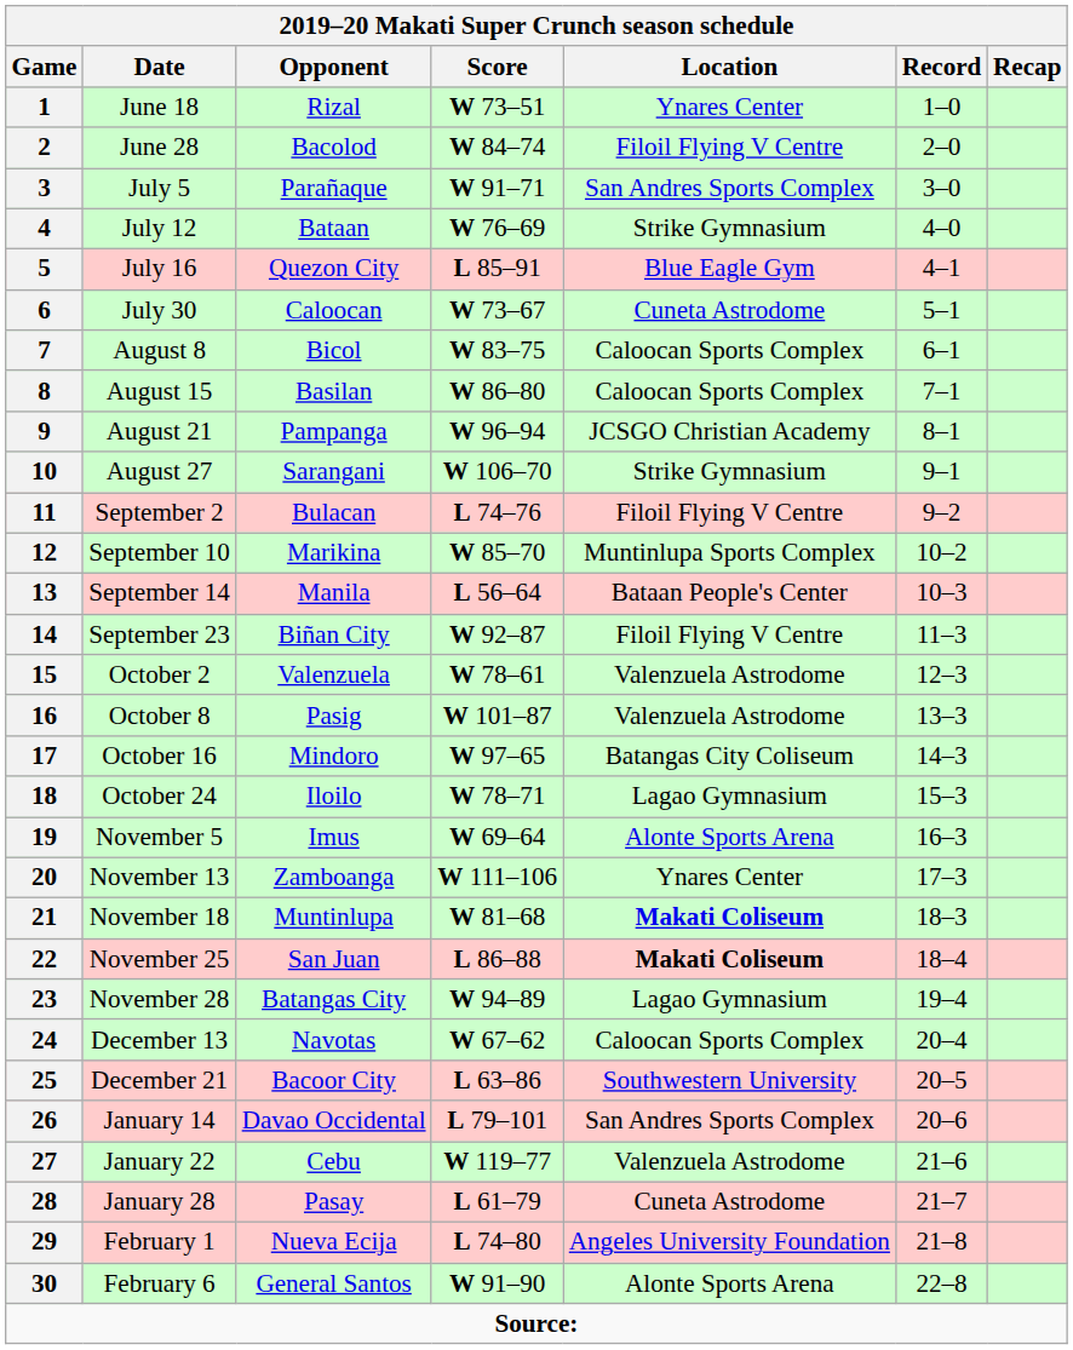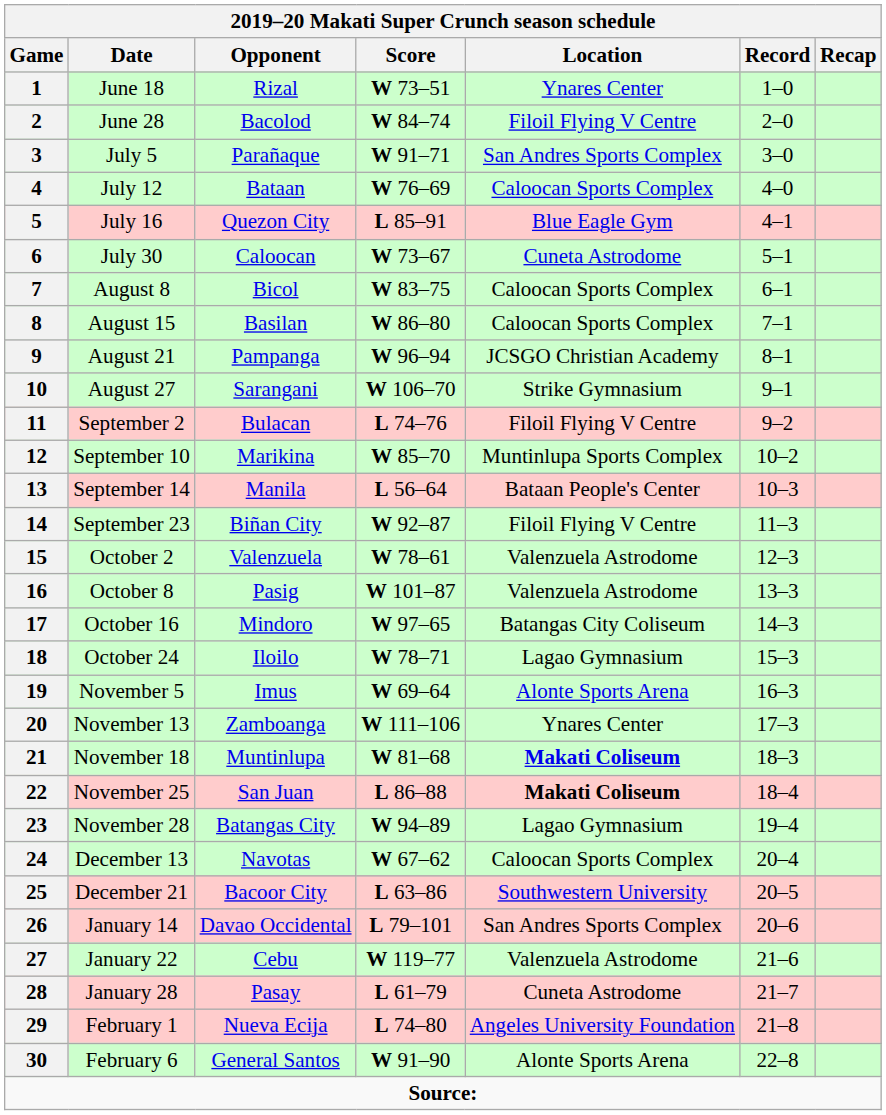 <table class="wikitable" style="text-align:center">
 <tr>
 <th colspan=7>2019–20 Makati Super Crunch season schedule</th>
 </tr>
 <tr>
 <th>Game</th>
 <th>Date</th>
 <th>Opponent</th>
 <th>Score</th>
 <th>Location</th>
 <th>Record</th>
 <th>Recap<br></th>
 </tr>
 <tr style="background:#cfc">
 <th>1</th>
 <td>June 18</td>
 <td><a href='#'>Rizal</a></td>
 <td><strong>W</strong> 73–51</td>
 <td><a href='#'>Ynares Center</a></td>
 <td>1–0</td>
 <td></td>
 </tr>
 <tr style="background:#cfc">
 <th>2</th>
 <td>June 28</td>
 <td><a href='#'>Bacolod</a></td>
 <td><strong>W</strong> 84–74</td>
 <td><a href='#'>Filoil Flying V Centre</a></td>
 <td>2–0</td>
 <td></td>
 </tr>
 <tr style="background:#cfc">
 <th>3</th>
 <td>July 5</td>
 <td><a href='#'>Parañaque</a></td>
 <td><strong>W</strong> 91–71</td>
 <td><a href='#'>San Andres Sports Complex</a></td>
 <td>3–0</td>
 <td></td>
 </tr>
 <tr style="background:#cfc">
 <th>4</th>
 <td>July 12</td>
 <td><a href='#'>Bataan</a></td>
 <td><strong>W</strong> 76–69</td>
-<td>Strike Gymnasium</td>
+<td><a href='#'>Caloocan Sports Complex</a></td>
 <td>4–0</td>
 <td></td>
 </tr>
 <tr style="background:#fcc">
 <th>5</th>
 <td>July 16</td>
 <td><a href='#'>Quezon City</a></td>
 <td><strong>L</strong> 85–91</td>
 <td><a href='#'>Blue Eagle Gym</a></td>
 <td>4–1</td>
 <td></td>
 </tr>
 <tr style="background:#cfc">
 <th>6</th>
 <td>July 30</td>
 <td><a href='#'>Caloocan</a></td>
 <td><strong>W</strong> 73–67</td>
 <td><a href='#'>Cuneta Astrodome</a></td>
 <td>5–1</td>
 <td></td>
 </tr>
 <tr style="background:#cfc">
 <th>7</th>
 <td>August 8</td>
 <td><a href='#'>Bicol</a></td>
 <td><strong>W</strong> 83–75</td>
 <td>Caloocan Sports Complex</td>
 <td>6–1</td>
 <td></td>
 </tr>
 <tr style="background:#cfc">
 <th>8</th>
 <td>August 15</td>
 <td><a href='#'>Basilan</a></td>
 <td><strong>W</strong> 86–80</td>
 <td>Caloocan Sports Complex</td>
 <td>7–1</td>
 <td></td>
 </tr>
 <tr style="background:#cfc">
 <th>9</th>
 <td>August 21</td>
 <td><a href='#'>Pampanga</a></td>
 <td><strong>W</strong> 96–94</td>
 <td>JCSGO Christian Academy</td>
 <td>8–1</td>
 <td></td>
 </tr>
 <tr style="background:#cfc">
 <th>10</th>
 <td>August 27</td>
 <td><a href='#'>Sarangani</a></td>
 <td><strong>W</strong> 106–70</td>
 <td>Strike Gymnasium</td>
 <td>9–1</td>
 <td><br></td>
 </tr>
 <tr style="background:#fcc">
 <th>11</th>
 <td>September 2</td>
 <td><a href='#'>Bulacan</a></td>
 <td><strong>L</strong> 74–76</td>
 <td>Filoil Flying V Centre</td>
 <td>9–2</td>
 <td></td>
 </tr>
 <tr style="background:#cfc">
 <th>12</th>
 <td>September 10</td>
 <td><a href='#'>Marikina</a></td>
 <td><strong>W</strong> 85–70</td>
 <td>Muntinlupa Sports Complex</td>
 <td>10–2</td>
 <td></td>
 </tr>
 <tr style="background:#fcc">
 <th>13</th>
 <td>September 14</td>
 <td><a href='#'>Manila</a></td>
 <td><strong>L</strong> 56–64</td>
 <td>Bataan People's Center</td>
 <td>10–3</td>
 <td></td>
 </tr>
 <tr style="background:#cfc">
 <th>14</th>
 <td>September 23</td>
 <td><a href='#'>Biñan City</a></td>
 <td><strong>W</strong> 92–87</td>
 <td>Filoil Flying V Centre</td>
 <td>11–3</td>
 <td></td>
 </tr>
 <tr style="background:#cfc">
 <th>15</th>
 <td>October 2</td>
 <td><a href='#'>Valenzuela</a></td>
 <td><strong>W</strong> 78–61</td>
 <td>Valenzuela Astrodome</td>
 <td>12–3</td>
 <td></td>
 </tr>
 <tr style="background:#cfc">
 <th>16</th>
 <td>October 8</td>
 <td><a href='#'>Pasig</a></td>
 <td><strong>W</strong> 101–87</td>
 <td>Valenzuela Astrodome</td>
 <td>13–3</td>
 <td></td>
 </tr>
 <tr style="background:#cfc">
 <th>17</th>
 <td>October 16</td>
 <td><a href='#'>Mindoro</a></td>
 <td><strong>W</strong> 97–65</td>
 <td>Batangas City Coliseum</td>
 <td>14–3</td>
 <td></td>
 </tr>
 <tr style="background:#cfc">
 <th>18</th>
 <td>October 24</td>
 <td><a href='#'>Iloilo</a></td>
 <td><strong>W</strong> 78–71</td>
 <td>Lagao Gymnasium</td>
 <td>15–3</td>
 <td></td>
 </tr>
 <tr style="background:#cfc">
 <th>19</th>
 <td>November 5</td>
 <td><a href='#'>Imus</a></td>
 <td><strong>W</strong> 69–64</td>
 <td><a href='#'>Alonte Sports Arena</a></td>
 <td>16–3</td>
 <td></td>
 </tr>
 <tr style="background:#cfc">
 <th>20</th>
 <td>November 13</td>
 <td><a href='#'>Zamboanga</a></td>
 <td><strong>W</strong> 111–106</td>
 <td>Ynares Center</td>
 <td>17–3</td>
 <td></td>
 </tr>
 <tr style="background:#cfc">
 <th>21</th>
 <td>November 18</td>
 <td><a href='#'>Muntinlupa</a></td>
 <td><strong>W</strong> 81–68</td>
 <td><strong><a href='#'>Makati Coliseum</a></strong></td>
 <td>18–3</td>
 <td></td>
 </tr>
 <tr style="background:#fcc">
 <th>22</th>
 <td>November 25</td>
 <td><a href='#'>San Juan</a></td>
 <td><strong>L</strong> 86–88</td>
 <td><strong>Makati Coliseum</strong></td>
 <td>18–4</td>
 <td></td>
 </tr>
 <tr style="background:#cfc">
 <th>23</th>
 <td>November 28</td>
 <td><a href='#'>Batangas City</a></td>
 <td><strong>W</strong> 94–89</td>
 <td>Lagao Gymnasium</td>
 <td>19–4</td>
 <td><br></td>
 </tr>
 <tr style="background:#cfc">
 <th>24</th>
 <td>December 13</td>
 <td><a href='#'>Navotas</a></td>
 <td><strong>W</strong> 67–62</td>
 <td>Caloocan Sports Complex</td>
 <td>20–4</td>
 <td></td>
 </tr>
 <tr style="background:#fcc">
 <th>25</th>
 <td>December 21</td>
 <td><a href='#'>Bacoor City</a></td>
 <td><strong>L</strong> 63–86</td>
 <td><a href='#'>Southwestern University</a></td>
 <td>20–5</td>
 <td></td>
 </tr>
 <tr style="background:#fcc">
 <th>26</th>
 <td>January 14</td>
 <td><a href='#'>Davao Occidental</a></td>
 <td><strong>L</strong> 79–101</td>
 <td>San Andres Sports Complex</td>
 <td>20–6</td>
 <td></td>
 </tr>
 <tr style="background:#cfc">
 <th>27</th>
 <td>January 22</td>
 <td><a href='#'>Cebu</a></td>
 <td><strong>W</strong> 119–77</td>
 <td>Valenzuela Astrodome</td>
 <td>21–6</td>
 <td></td>
 </tr>
 <tr style="background:#fcc">
 <th>28</th>
 <td>January 28</td>
 <td><a href='#'>Pasay</a></td>
 <td><strong>L</strong> 61–79</td>
 <td>Cuneta Astrodome</td>
 <td>21–7</td>
 <td></td>
 </tr>
 <tr style="background:#fcc">
 <th>29</th>
 <td>February 1</td>
 <td><a href='#'>Nueva Ecija</a></td>
 <td><strong>L</strong> 74–80</td>
 <td><a href='#'>Angeles University Foundation</a></td>
 <td>21–8</td>
 <td></td>
 </tr>
 <tr style="background:#cfc">
 <th>30</th>
 <td>February 6</td>
 <td><a href='#'>General Santos</a></td>
 <td><strong>W</strong> 91–90</td>
 <td>Alonte Sports Arena</td>
 <td>22–8</td>
 <td></td>
 </tr>
 <tr>
 <td colspan=7 align=center><strong>Source: </strong></td>
 </tr>
 </table>
